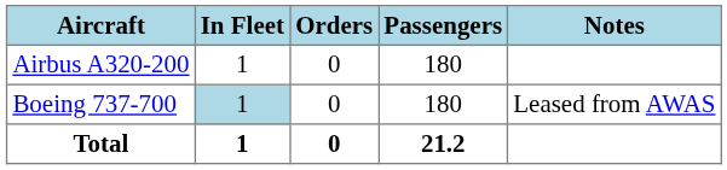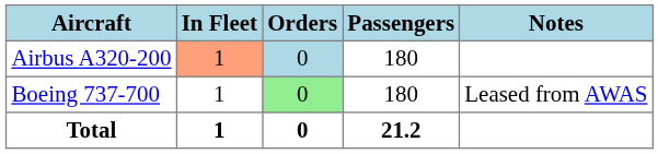 <table class="toccolours" border="1" cellpadding="3" style="border-collapse:collapse;margin:auto;">
 <tr bgcolor=lightblue>
 <th>Aircraft</th>
 <th>In Fleet</th>
 <th>Orders</th>
 <th>Passengers</th>
 <th>Notes</th>
 </tr>
 <tr>
 <td><a href='#'>Airbus A320-200</a></td>
-<td align="center">1</td>
-<td align="center">0</td>
+<td align="center" style="background: lightsalmon;">1</td>
+<td align="center" style="background: lightblue;">0</td>
 <td align="center">180</td>
 </tr>
 <tr>
 <td><a href='#'>Boeing 737-700</a></td>
-<td align="center" style="background: lightblue;">1</td>
-<td align="center">0</td>
+<td align="center">1</td>
+<td align="center" style="background: lightgreen;">0</td>
 <td align="center">180</td>
 <td>Leased from <a href='#'>AWAS</a></td>
 </tr>
 <tr>
 <th>Total</th>
 <td align=center><strong>1</strong></td>
 <td align=center><strong>0</strong></td>
 <td align=center><strong>21.2</strong></td>
 <td colspan="3"></td>
 </tr>
 </table>
